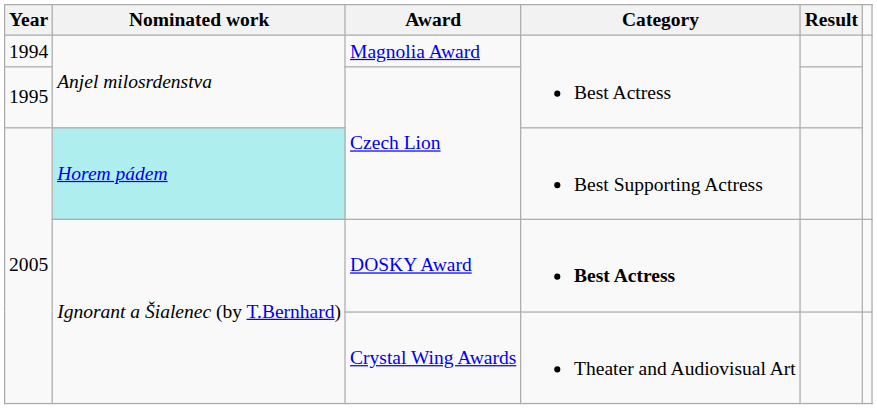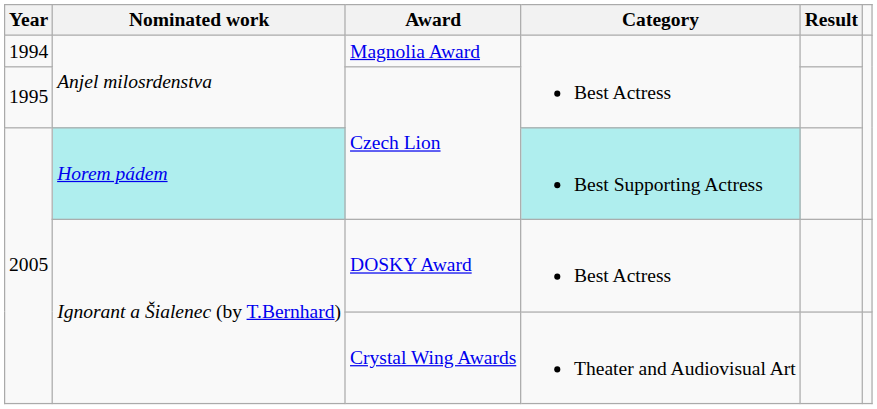 <table class="wikitable">
 <tr>
 <th>Year</th>
 <th>Nominated work</th>
 <th>Award</th>
 <th>Category</th>
 <th>Result</th>
 </tr>
 <tr>
 <td>1994</td>
 <td rowspan=2><em>Anjel milosrdenstva</em></td>
 <td><a href='#'>Magnolia Award</a></td>
 <td rowspan=2><br><ul><li>Best Actress</li></ul></td>
 <td></td>
 <td rowspan=3></td>
 </tr>
 <tr>
 <td>1995</td>
 <td rowspan="2"><a href='#'>Czech Lion</a></td>
 <td></td>
 </tr>
 <tr>
 <td rowspan=3>2005</td>
 <td style="background: paleturquoise;"><em><a href='#'>Horem pádem</a></em></td>
-<td><br><ul><li>Best Supporting Actress</li></ul></td>
+<td style="background: paleturquoise;"><br><ul><li>Best Supporting Actress</li></ul></td>
 <td></td>
 </tr>
 <tr>
 <td rowspan=2><em>Ignorant a Šialenec</em> (by <a href='#'>T.Bernhard</a>)</td>
 <td><a href='#'>DOSKY Award</a></td>
-<td><strong><br><ul><li>Best Actress</li></ul></strong></td>
+<td><br><ul><li>Best Actress</li></ul></td>
 <td></td>
 <td></td>
 </tr>
 <tr>
 <td><a href='#'>Crystal Wing Awards</a></td>
 <td><br><ul><li>Theater and Audiovisual Art</li></ul></td>
 <td></td>
 </tr>
 </table>
